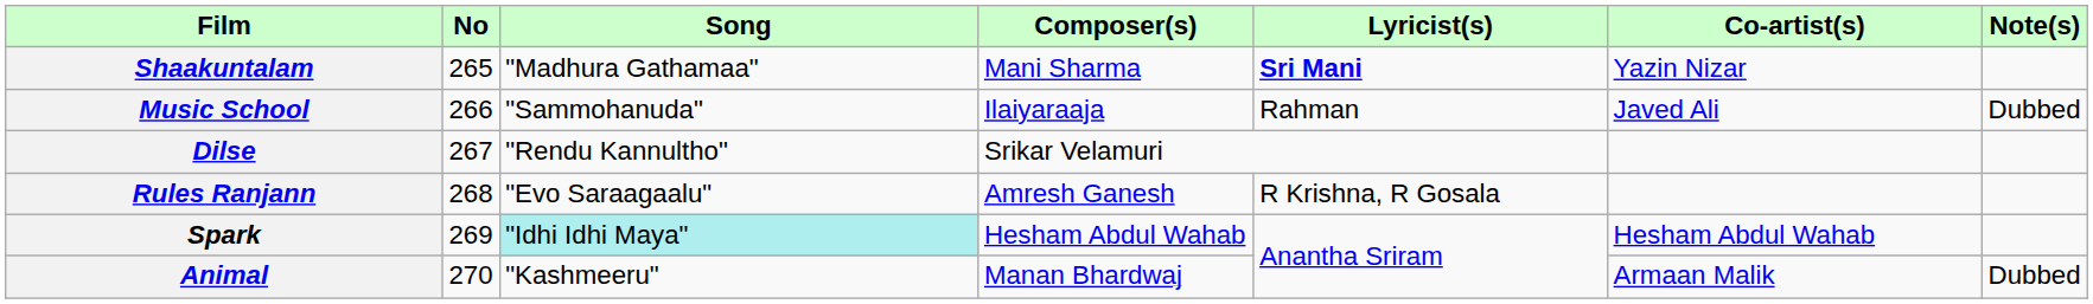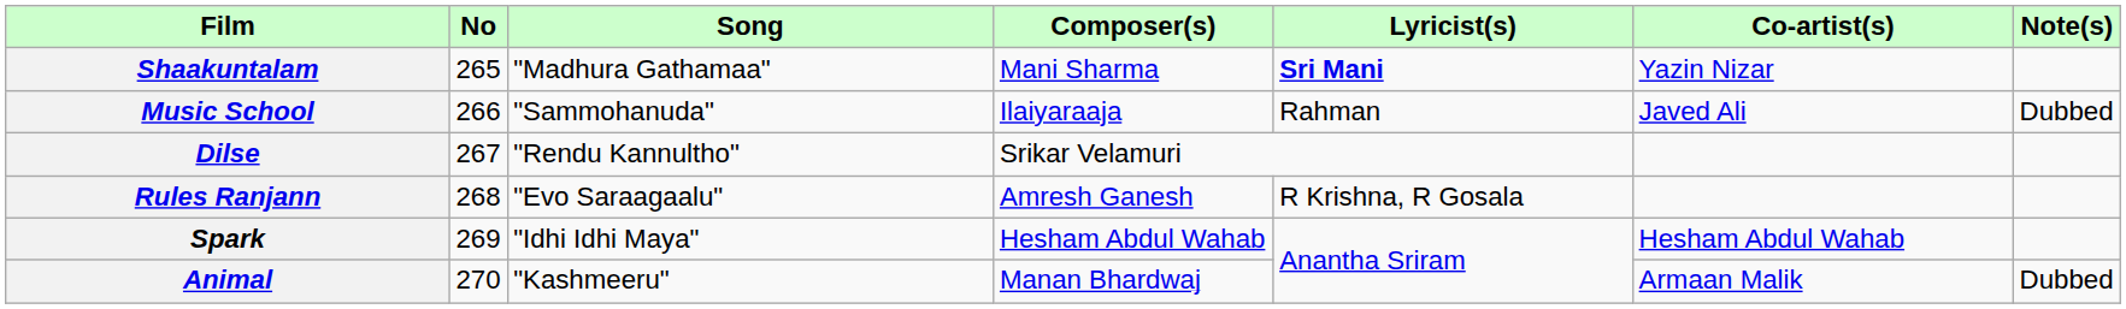 <table class="wikitable plainrowheaders" width="100%" "textcolor:#000;">
 <tr style="background:#cfc; text-align:center;">
 <td scope="col" width="21%"><strong>Film</strong></td>
 <td><strong>No</strong></td>
 <td scope="col" width="23%"><strong>Song</strong></td>
 <td><strong>Composer(s)</strong></td>
 <td scope="col" width="17%"><strong>Lyricist(s)</strong></td>
 <td scope="col" width="18%"><strong>Co-artist(s)</strong></td>
 <td><strong>Note(s)</strong></td>
 </tr>
 <tr>
 <th><strong><em><a href='#'>Shaakuntalam</a></em></strong></th>
 <td>265</td>
 <td>"Madhura Gathamaa"</td>
 <td><a href='#'>Mani Sharma</a></td>
 <td><strong><a href='#'>Sri Mani</a></strong></td>
 <td><a href='#'>Yazin Nizar</a></td>
 <td></td>
 </tr>
 <tr>
 <th><a href='#'><em>Music School</em></a></th>
 <td>266</td>
 <td>"Sammohanuda"</td>
 <td><a href='#'>Ilaiyaraaja</a></td>
 <td>Rahman</td>
 <td><a href='#'>Javed Ali</a></td>
 <td>Dubbed</td>
 </tr>
 <tr>
 <th><em><a href='#'>Dilse</a></em></th>
 <td>267</td>
 <td>"Rendu Kannultho"</td>
 <td colspan="2">Srikar Velamuri</td>
 <td></td>
 <td></td>
 </tr>
 <tr>
 <th><em><a href='#'>Rules Ranjann</a></em></th>
 <td>268</td>
 <td>"Evo Saraagaalu"</td>
 <td><a href='#'>Amresh Ganesh</a></td>
 <td>R Krishna, R Gosala</td>
 <td></td>
 <td></td>
 </tr>
 <tr>
 <th><em>Spark</em></th>
 <td>269</td>
-<td style="background: paleturquoise;">"Idhi Idhi Maya"</td>
+<td>"Idhi Idhi Maya"</td>
 <td><a href='#'>Hesham Abdul Wahab</a></td>
 <td rowspan="2"><a href='#'>Anantha Sriram</a></td>
 <td><a href='#'>Hesham Abdul Wahab</a></td>
 <td></td>
 </tr>
 <tr>
 <th><em><a href='#'>Animal</a></em></th>
 <td>270</td>
 <td>"Kashmeeru"</td>
 <td><a href='#'>Manan Bhardwaj</a></td>
 <td><a href='#'>Armaan Malik</a></td>
 <td>Dubbed</td>
 </tr>
 </table>
